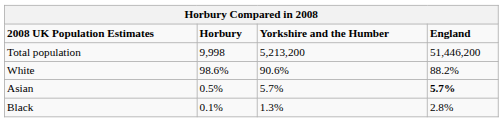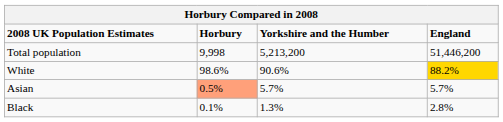 <table class="wikitable" id="toc" style="float:right; margin-left: 1em; width: 40%; font-size: 90%;" cellspacing="5">
 <tr>
 <th colspan="4"><strong>Horbury Compared in 2008</strong></th>
 </tr>
 <tr>
 <td><strong>2008 UK Population Estimates</strong></td>
 <td><strong>Horbury</strong></td>
 <td><strong>Yorkshire and the Humber</strong></td>
 <td><strong>England</strong></td>
 </tr>
 <tr>
 <td>Total population</td>
 <td>9,998</td>
 <td>5,213,200</td>
 <td>51,446,200</td>
 </tr>
 <tr>
 <td>White</td>
 <td>98.6%</td>
 <td>90.6%</td>
-<td>88.2%</td>
+<td style="background: gold;">88.2%</td>
 </tr>
 <tr>
 <td>Asian</td>
-<td>0.5%</td>
+<td style="background: lightsalmon;">0.5%</td>
 <td>5.7%</td>
-<td><strong>5.7%</strong></td>
+<td>5.7%</td>
 </tr>
 <tr>
 <td>Black</td>
 <td>0.1%</td>
 <td>1.3%</td>
 <td>2.8%</td>
 </tr>
 </table>
